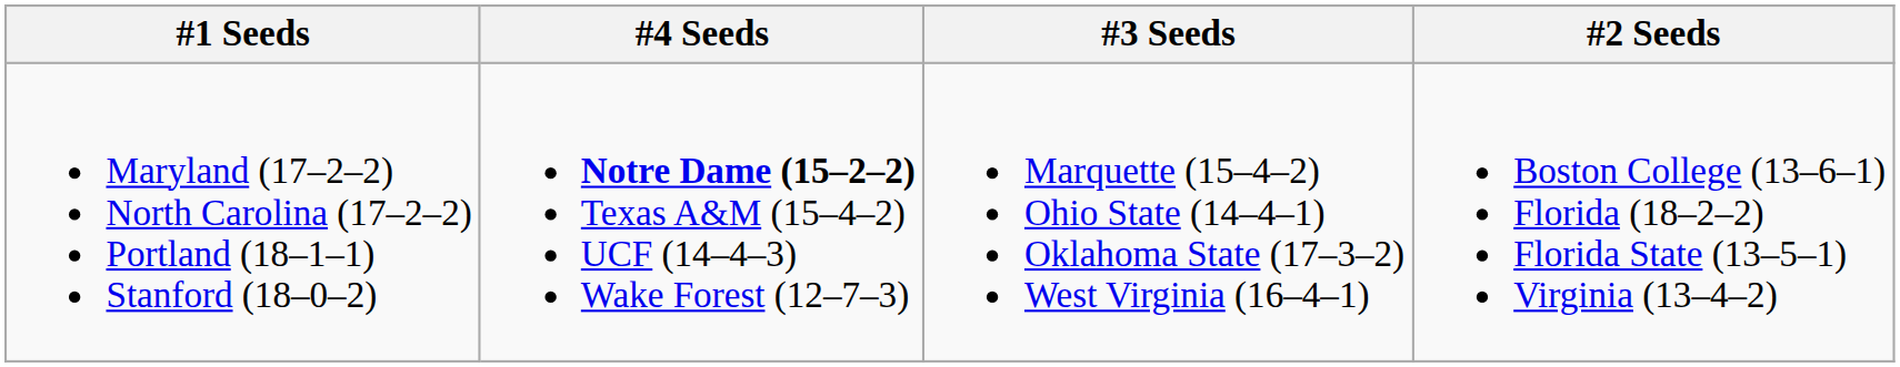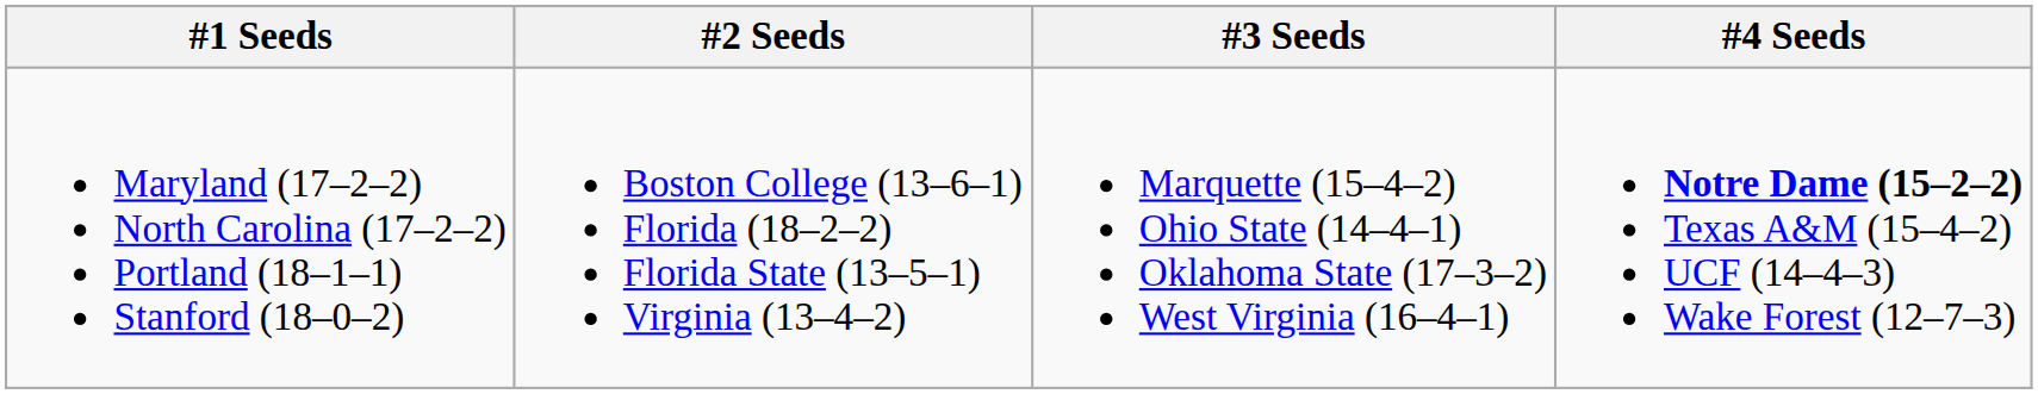 <table class="wikitable">
 <tr>
 <th>#1 Seeds</th>
+<th>#2 Seeds</th>
+<th>#3 Seeds</th>
 <th>#4 Seeds</th>
-<th>#3 Seeds</th>
-<th>#2 Seeds</th>
 </tr>
 <tr>
 <td><br><ul><li><a href='#'>Maryland</a> (17–2–2)</li><li><a href='#'>North Carolina</a> (17–2–2)</li><li><a href='#'>Portland</a> (18–1–1)</li><li><a href='#'>Stanford</a> (18–0–2)</li></ul></td>
+<td><br><ul><li><a href='#'>Boston College</a> (13–6–1)</li><li><a href='#'>Florida</a> (18–2–2)</li><li><a href='#'>Florida State</a> (13–5–1)</li><li><a href='#'>Virginia</a> (13–4–2)</li></ul></td>
+<td><br><ul><li><a href='#'>Marquette</a> (15–4–2)</li><li><a href='#'>Ohio State</a> (14–4–1)</li><li><a href='#'>Oklahoma State</a> (17–3–2)</li><li><a href='#'>West Virginia</a> (16–4–1)</li></ul></td>
 <td><br><ul><li><strong><a href='#'>Notre Dame</a> (15–2–2)</strong></li><li><a href='#'>Texas A&M</a> (15–4–2)</li><li><a href='#'>UCF</a> (14–4–3)</li><li><a href='#'>Wake Forest</a> (12–7–3)</li></ul></td>
-<td><br><ul><li><a href='#'>Marquette</a> (15–4–2)</li><li><a href='#'>Ohio State</a> (14–4–1)</li><li><a href='#'>Oklahoma State</a> (17–3–2)</li><li><a href='#'>West Virginia</a> (16–4–1)</li></ul></td>
-<td><br><ul><li><a href='#'>Boston College</a> (13–6–1)</li><li><a href='#'>Florida</a> (18–2–2)</li><li><a href='#'>Florida State</a> (13–5–1)</li><li><a href='#'>Virginia</a> (13–4–2)</li></ul></td>
 </tr>
 </table>
